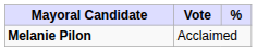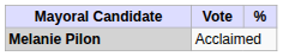 <table class="wikitable">
 <tr>
 <th style="background:#ddf; width:200px;">Mayoral Candidate</th>
 <th style="background:#ddf; width:50px;">Vote</th>
 <th style="background:#ddf; width:30px;">%</th>
 </tr>
 <tr>
-<td><strong>Melanie Pilon</strong></td>
+<td style="background: lightgrey;"><strong>Melanie Pilon</strong></td>
 <td colspan="2">Acclaimed</td>
 </tr>
 </table>
